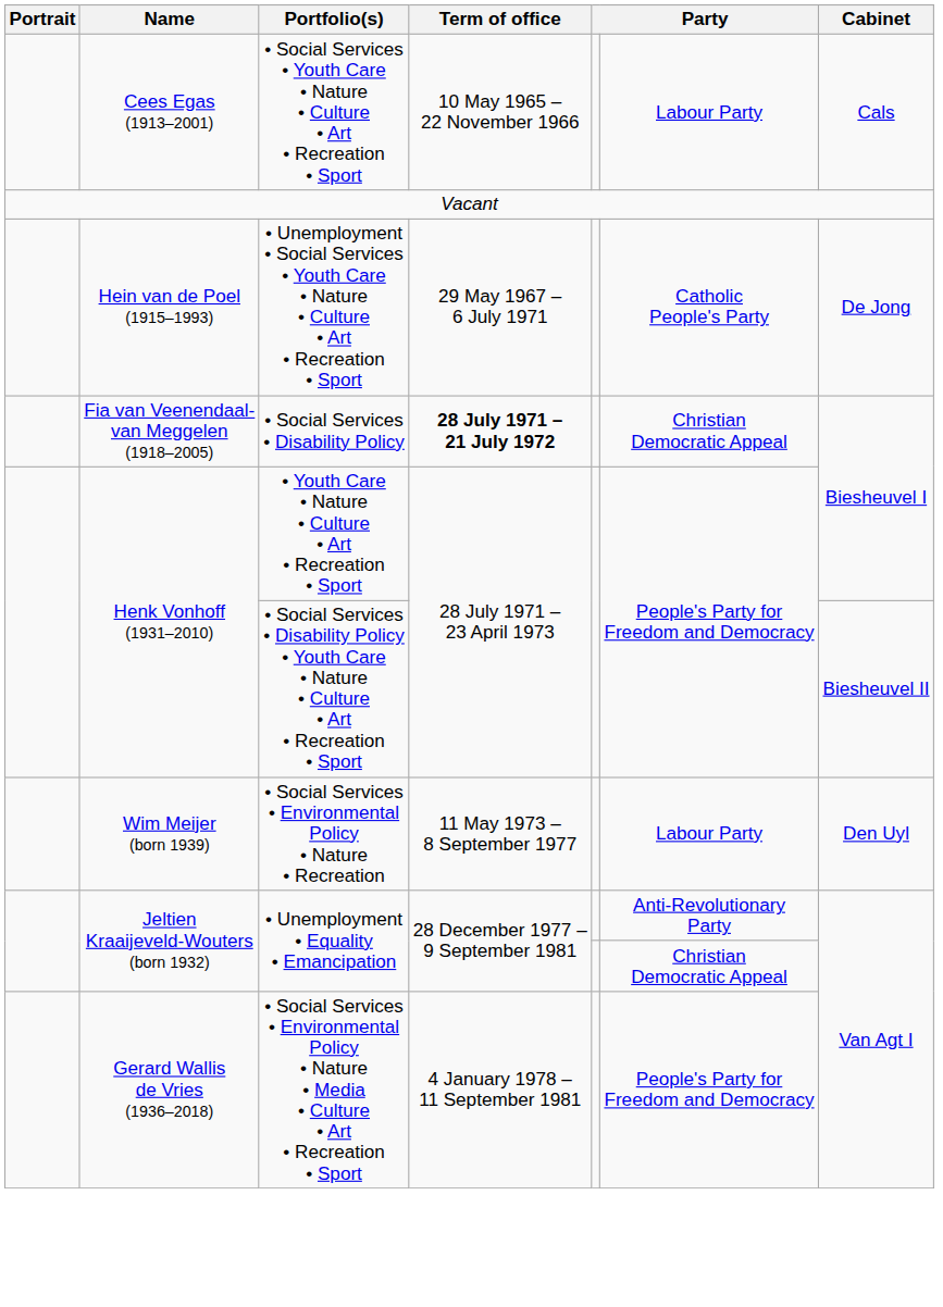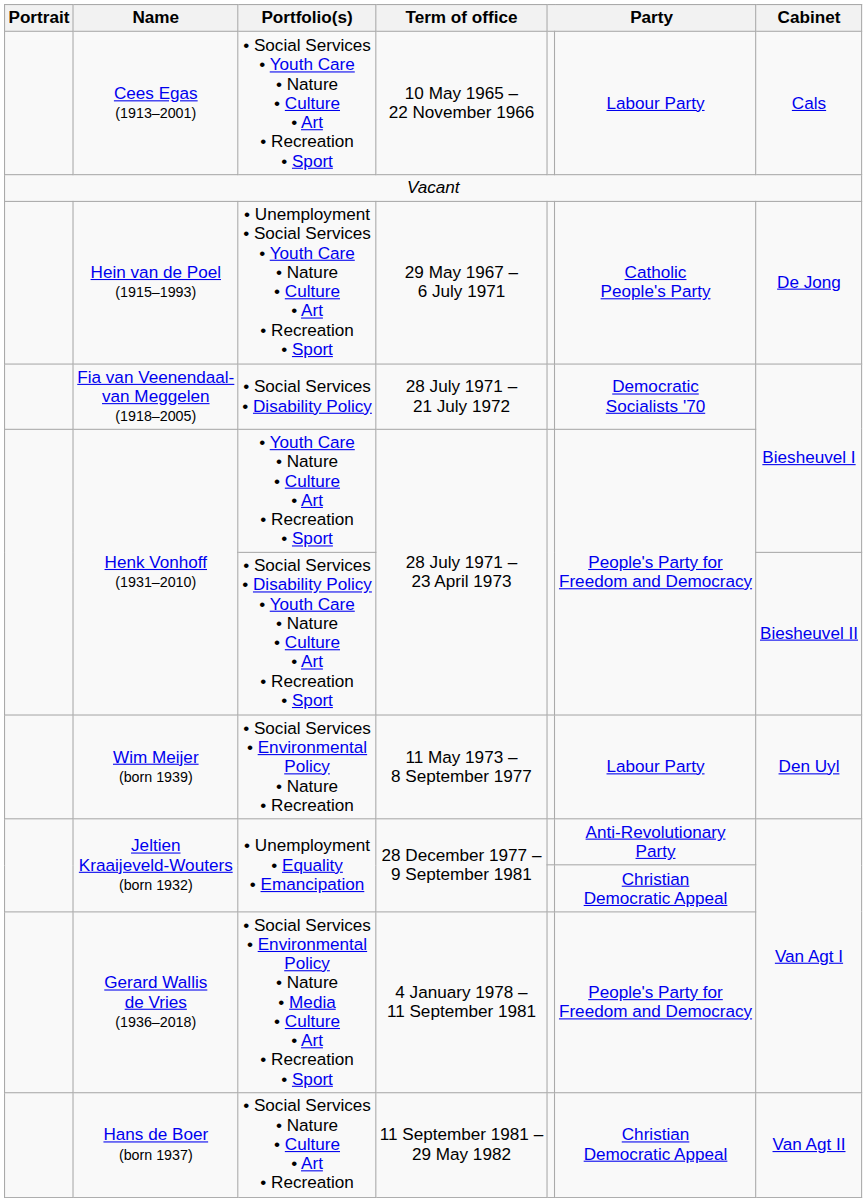 <table class="wikitable" style="text-align:center">
 <tr>
 <th>Portrait</th>
 <th>Name <br> </th>
 <th>Portfolio(s)</th>
 <th>Term of office</th>
 <th colspan=2>Party</th>
 <th>Cabinet</th>
 </tr>
 <tr>
 <td></td>
 <td><a href='#'>Cees Egas</a> <br> <small>(1913–2001)</small></td>
 <td>• Social Services <br> • <a href='#'>Youth Care</a> <br> • Nature <br> • <a href='#'>Culture</a> <br> • <a href='#'>Art</a> <br> • Recreation <br> • <a href='#'>Sport</a></td>
 <td>10 May 1965 – <br> 22 November 1966</td>
 <td style="background:"></td>
 <td><a href='#'>Labour Party</a></td>
 <td><a href='#'>Cals</a> <br></td>
 </tr>
 <tr>
 <td colspan=7><em>Vacant</em></td>
 </tr>
 <tr>
 <td></td>
 <td><a href='#'>Hein van de Poel</a> <br> <small>(1915–1993)</small></td>
 <td>• Unemployment <br> • Social Services <br> • <a href='#'>Youth Care</a> <br> • Nature <br> • <a href='#'>Culture</a> <br> • <a href='#'>Art</a> <br> • Recreation <br> • <a href='#'>Sport</a></td>
 <td>29 May 1967 – <br> 6 July 1971</td>
 <td style="background:"></td>
 <td><a href='#'>Catholic <br> People's Party</a></td>
 <td><a href='#'>De Jong</a> <br></td>
 </tr>
 <tr>
 <td></td>
 <td><a href='#'>Fia van Veenendaal-<br>van Meggelen</a> <br> <small>(1918–2005)</small></td>
 <td>• Social Services <br> • <a href='#'>Disability Policy</a></td>
-<td><strong>28 July 1971 – <br> 21 July 1972 <br> </strong></td>
+<td>28 July 1971 – <br> 21 July 1972 <br> </td>
 <td style="background:"></td>
-<td><a href='#'>Christian <br> Democratic Appeal</a></td>
+<td><a href='#'>Democratic <br> Socialists '70</a></td>
 <td rowspan=2><a href='#'>Biesheuvel I</a> <br></td>
 </tr>
 <tr>
 <td rowspan=2></td>
 <td rowspan=2><a href='#'>Henk Vonhoff</a> <br> <small>(1931–2010)</small></td>
 <td>• <a href='#'>Youth Care</a> <br> • Nature <br> • <a href='#'>Culture</a> <br> • <a href='#'>Art</a> <br> • Recreation <br> • <a href='#'>Sport</a></td>
 <td rowspan=2>28 July 1971 – <br> 23 April 1973 <br> </td>
 <td rowspan=2 style="background:"></td>
 <td rowspan=2><a href='#'>People's Party for <br> Freedom and Democracy</a></td>
 </tr>
 <tr>
 <td>• Social Services <br> • <a href='#'>Disability Policy</a> <br> • <a href='#'>Youth Care</a> <br> • Nature <br> • <a href='#'>Culture</a> <br> • <a href='#'>Art</a> <br> • Recreation <br> • <a href='#'>Sport</a></td>
 <td><a href='#'>Biesheuvel II</a> <br></td>
 </tr>
 <tr>
 <td></td>
 <td><a href='#'>Wim Meijer</a> <br> <small>(born 1939)</small></td>
 <td>• Social Services <br> • <a href='#'>Environmental <br> Policy</a> <br> • Nature <br> • Recreation</td>
 <td>11 May 1973 – <br> 8 September 1977 <br> </td>
 <td style="background:"></td>
 <td><a href='#'>Labour Party</a></td>
 <td><a href='#'>Den Uyl</a> <br></td>
 </tr>
 <tr>
 <td rowspan=2></td>
 <td rowspan=2><a href='#'>Jeltien <br> Kraaijeveld-Wouters</a> <br> <small>(born 1932)</small></td>
 <td rowspan=2>• Unemployment <br> • <a href='#'>Equality</a> <br> • <a href='#'>Emancipation</a></td>
 <td rowspan=2>28 December 1977 – <br> 9 September 1981 <br> </td>
 <td style="background:"></td>
 <td><a href='#'>Anti-Revolutionary <br> Party</a></td>
 <td rowspan=3><a href='#'>Van Agt I</a> <br></td>
 </tr>
 <tr>
 <td style="background:"></td>
 <td><a href='#'>Christian <br> Democratic Appeal</a></td>
 </tr>
 <tr>
 <td></td>
 <td><a href='#'>Gerard Wallis <br> de Vries</a> <br> <small>(1936–2018)</small></td>
 <td>• Social Services <br> • <a href='#'>Environmental <br> Policy</a> <br> • Nature <br> • <a href='#'>Media</a> <br> • <a href='#'>Culture</a> <br> • <a href='#'>Art</a> <br> • Recreation <br> • <a href='#'>Sport</a></td>
 <td>4 January 1978 – <br> 11 September 1981</td>
 <td style="background:"></td>
 <td><a href='#'>People's Party for <br> Freedom and Democracy</a></td>
 </tr>
+<tr>
+<td></td>
+<td><a href='#'>Hans de Boer</a> <br> <small>(born 1937)</small></td>
+<td>• Social Services <br> • Nature <br> • <a href='#'>Culture</a> <br> • <a href='#'>Art</a> <br> • Recreation</td>
+<td>11 September 1981 – <br> 29 May 1982</td>
+<td style="background:"></td>
+<td><a href='#'>Christian <br> Democratic Appeal</a></td>
+<td><a href='#'>Van Agt II</a> <br></td>
+</tr>
 </table>
